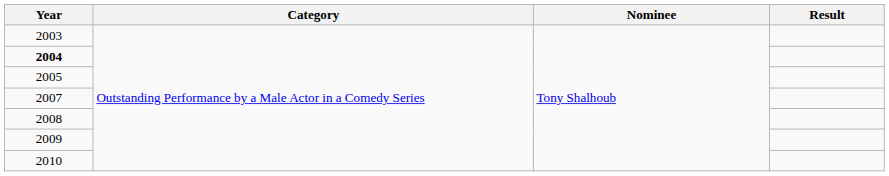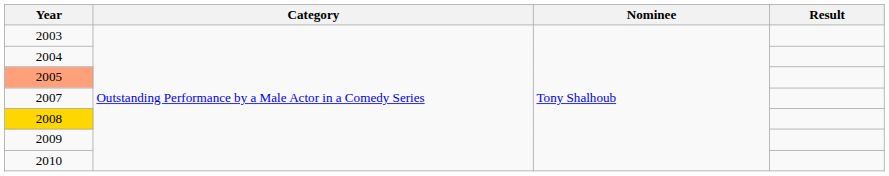 <table class="wikitable" style="width:85%;">
 <tr>
 <th>Year</th>
 <th style="width:50%;">Category</th>
 <th>Nominee</th>
 <th>Result</th>
 </tr>
 <tr>
 <td align="center">2003</td>
 <td rowspan=7><a href='#'>Outstanding Performance by a Male Actor in a Comedy Series</a></td>
 <td rowspan=7><a href='#'>Tony Shalhoub</a></td>
 <td></td>
 </tr>
 <tr>
-<td align="center"><strong>2004</strong></td>
+<td align="center">2004</td>
 <td></td>
 </tr>
 <tr>
-<td align="center">2005</td>
+<td align="center" style="background: lightsalmon;">2005</td>
 <td></td>
 </tr>
 <tr>
 <td align="center">2007</td>
 <td></td>
 </tr>
 <tr>
-<td align="center">2008</td>
+<td align="center" style="background: gold;">2008</td>
 <td></td>
 </tr>
 <tr>
 <td align="center">2009</td>
 <td></td>
 </tr>
 <tr>
 <td align="center">2010</td>
 <td></td>
 </tr>
 </table>
